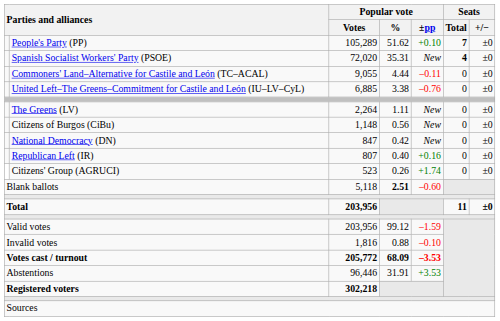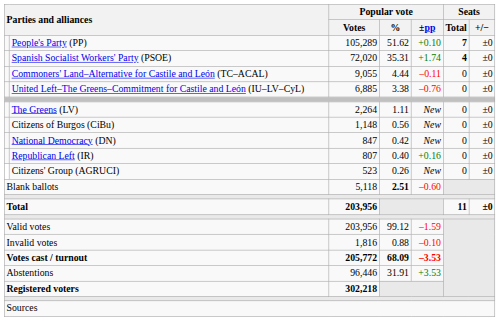 <table class="wikitable" style="text-align:right;">
 <tr>
 <th style="text-align:left;" rowspan="2" colspan="2" width="525">Parties and alliances</th>
 <th colspan="3">Popular vote</th>
 <th colspan="2">Seats</th>
 </tr>
 <tr>
 <th width="75">Votes</th>
 <th width="45">%</th>
 <th width="45">±<a href='#'>pp</a></th>
 <th width="35">Total</th>
 <th width="35">+/−</th>
 </tr>
 <tr>
 <td width="1" style="color:inherit;background:"></td>
 <td align="left"><a href='#'>People's Party</a> (PP)</td>
 <td>105,289</td>
 <td>51.62</td>
 <td style="color:green;">+0.10</td>
 <td><strong>7</strong></td>
 <td>±0</td>
 </tr>
 <tr>
 <td style="color:inherit;background:"></td>
 <td align="left"><a href='#'>Spanish Socialist Workers' Party</a> (PSOE)</td>
 <td>72,020</td>
 <td>35.31</td>
-<td><em>New</em></td>
+<td style="color:green;">+1.74</td>
 <td><strong>4</strong></td>
 <td>±0</td>
 </tr>
 <tr>
 <td style="color:inherit;background:"></td>
 <td align="left"><a href='#'>Commoners' Land–Alternative for Castile and León</a> (TC–ACAL)</td>
 <td>9,055</td>
 <td>4.44</td>
 <td style="color:red;">–0.11</td>
 <td>0</td>
 <td>±0</td>
 </tr>
 <tr>
 <td style="color:inherit;background:"></td>
 <td align="left"><a href='#'>United Left–The Greens–Commitment for Castile and León</a> (IU–LV–CyL)</td>
 <td>6,885</td>
 <td>3.38</td>
 <td style="color:red;">–0.76</td>
 <td>0</td>
 <td>±0</td>
 </tr>
 <tr>
 <td colspan="7" bgcolor="#C0C0C0"></td>
 </tr>
 <tr>
 <td style="color:inherit;background:"></td>
 <td align="left"><a href='#'>The Greens</a> (LV)</td>
 <td>2,264</td>
 <td>1.11</td>
 <td><em>New</em></td>
 <td>0</td>
 <td>±0</td>
 </tr>
 <tr>
 <td style="color:inherit;background:"></td>
 <td align="left">Citizens of Burgos (CiBu)</td>
 <td>1,148</td>
 <td>0.56</td>
 <td><em>New</em></td>
 <td>0</td>
 <td>±0</td>
 </tr>
 <tr>
 <td style="color:inherit;background:"></td>
 <td align="left"><a href='#'>National Democracy</a> (DN)</td>
 <td>847</td>
 <td>0.42</td>
 <td><em>New</em></td>
 <td>0</td>
 <td>±0</td>
 </tr>
 <tr>
 <td style="color:inherit;background:"></td>
 <td align="left"><a href='#'>Republican Left</a> (IR)</td>
 <td>807</td>
 <td>0.40</td>
 <td style="color:green;">+0.16</td>
 <td>0</td>
 <td>±0</td>
 </tr>
 <tr>
 <td bgcolor="white"></td>
 <td align="left">Citizens' Group (AGRUCI)</td>
 <td>523</td>
 <td>0.26</td>
-<td style="color:green;">+1.74</td>
+<td><em>New</em></td>
 <td>0</td>
 <td>±0</td>
 </tr>
 <tr>
 <td align="left" colspan="2">Blank ballots</td>
 <td>5,118</td>
 <td><strong>2.51</strong></td>
 <td style="color:red;">–0.60</td>
 <td bgcolor="#E9E9E9" colspan="2"></td>
 </tr>
 <tr>
 <td colspan="7" bgcolor="#E9E9E9"></td>
 </tr>
 <tr style="font-weight:bold;">
 <td align="left" colspan="2">Total</td>
 <td>203,956</td>
 <td bgcolor="#E9E9E9" colspan="2"></td>
 <td>11</td>
 <td>±0</td>
 </tr>
 <tr>
 <td colspan="7" bgcolor="#E9E9E9"></td>
 </tr>
 <tr>
 <td align="left" colspan="2">Valid votes</td>
 <td>203,956</td>
 <td>99.12</td>
 <td style="color:red;">–1.59</td>
 <td bgcolor="#E9E9E9" colspan="2" rowspan="5"></td>
 </tr>
 <tr>
 <td align="left" colspan="2">Invalid votes</td>
 <td>1,816</td>
 <td>0.88</td>
 <td style="color:red;">–0.10</td>
 </tr>
 <tr style="font-weight:bold;">
 <td align="left" colspan="2">Votes cast / turnout</td>
 <td>205,772</td>
 <td>68.09</td>
 <td style="color:red;">–3.53</td>
 </tr>
 <tr>
 <td align="left" colspan="2">Abstentions</td>
 <td>96,446</td>
 <td>31.91</td>
 <td style="color:green;">+3.53</td>
 </tr>
 <tr style="font-weight:bold;">
 <td align="left" colspan="2">Registered voters</td>
 <td>302,218</td>
 <td bgcolor="#E9E9E9" colspan="2"></td>
 </tr>
 <tr>
 <td colspan="7" bgcolor="#E9E9E9"></td>
 </tr>
 <tr>
 <td align="left" colspan="7">Sources</td>
 </tr>
 </table>
